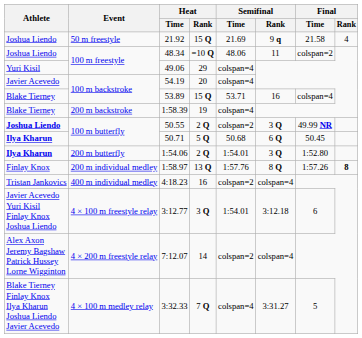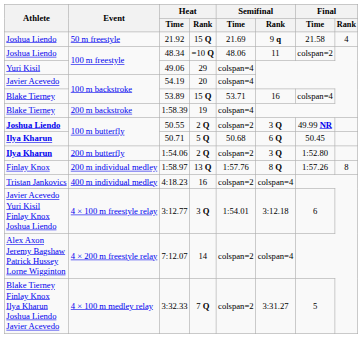 <table class=wikitable style=font-size:90%;text-align:center>
 <tr>
 <th rowspan=2>Athlete</th>
 <th rowspan=2>Event</th>
 <th colspan=2>Heat</th>
 <th colspan=2>Semifinal</th>
 <th colspan=2>Final</th>
 </tr>
 <tr style=font-size:95%>
 <th>Time</th>
 <th>Rank</th>
 <th>Time</th>
 <th>Rank</th>
 <th>Time</th>
 <th>Rank</th>
 </tr>
 <tr>
 <td align=left><a href='#'>Joshua Liendo</a></td>
 <td align=left><a href='#'>50 m freestyle</a></td>
 <td>21.92</td>
 <td>15 <strong>Q</strong></td>
 <td>21.69</td>
 <td>9 <strong>q</strong></td>
 <td>21.58</td>
 <td>4</td>
 </tr>
 <tr>
 <td align=left><a href='#'>Joshua Liendo</a></td>
 <td align=left rowspan=2><a href='#'>100 m freestyle</a></td>
 <td>48.34</td>
 <td>=10 <strong>Q</strong></td>
 <td>48.06</td>
 <td>11</td>
 <td>colspan=2 </td>
 </tr>
 <tr>
 <td align=left><a href='#'>Yuri Kisil</a></td>
 <td>49.06</td>
 <td>29</td>
 <td>colspan=4 </td>
 </tr>
 <tr>
 <td align=left><a href='#'>Javier Acevedo</a></td>
 <td align=left rowspan=2><a href='#'>100 m backstroke</a></td>
 <td>54.19</td>
 <td>20</td>
 <td>colspan=4 </td>
 </tr>
 <tr>
 <td align=left><a href='#'>Blake Tierney</a></td>
 <td>53.89</td>
 <td>15 <strong>Q</strong></td>
 <td>53.71</td>
 <td>16</td>
 <td>colspan=4 </td>
 </tr>
 <tr>
 <td align=left><a href='#'>Blake Tierney</a></td>
 <td align=left><a href='#'>200 m backstroke</a></td>
 <td>1:58.39</td>
 <td>19</td>
 <td>colspan=4 </td>
 </tr>
 <tr>
 <td align=left><strong><a href='#'>Joshua Liendo</a></strong></td>
 <td align=left rowspan=2><a href='#'>100 m butterfly</a></td>
 <td>50.55</td>
 <td>2 <strong>Q</strong></td>
 <td>colspan=2 </td>
 <td>3 <strong>Q</strong></td>
 <td>49.99 <strong><a href='#'>NR</a></strong></td>
 <td></td>
 </tr>
 <tr>
 <td align=left><strong><a href='#'>Ilya Kharun</a></strong></td>
 <td>50.71</td>
 <td>5 <strong>Q</strong></td>
 <td>50.68</td>
 <td>6 <strong>Q</strong></td>
 <td>50.45</td>
 <td></td>
 </tr>
 <tr>
 <td align=left><strong><a href='#'>Ilya Kharun</a></strong></td>
 <td align=left><a href='#'>200 m butterfly</a></td>
 <td>1:54.06</td>
 <td>2 <strong>Q</strong></td>
-<td>1:54.01</td>
+<td>colspan=2 </td>
 <td>3 <strong>Q</strong></td>
 <td>1:52.80</td>
 <td></td>
 </tr>
 <tr>
 <td align=left><a href='#'>Finlay Knox</a></td>
 <td align=left><a href='#'>200 m individual medley</a></td>
 <td>1:58.97</td>
 <td>13 <strong>Q</strong></td>
 <td>1:57.76</td>
 <td>8 <strong>Q</strong></td>
 <td>1:57.26</td>
-<td><strong>8</strong></td>
+<td>8</td>
 </tr>
 <tr>
 <td align=left><a href='#'>Tristan Jankovics</a></td>
 <td align=left><a href='#'>400 m individual medley</a></td>
 <td>4:18.23</td>
 <td>16</td>
 <td>colspan=2 </td>
 <td>colspan=4 </td>
 </tr>
 <tr>
 <td align=left><a href='#'>Javier Acevedo</a><br><a href='#'>Yuri Kisil</a><br><a href='#'>Finlay Knox</a><br><a href='#'>Joshua Liendo</a></td>
 <td align=left><a href='#'>4 × 100 m freestyle relay</a></td>
 <td>3:12.77</td>
 <td>3 <strong>Q</strong></td>
 <td>1:54.01</td>
 <td>3:12.18</td>
 <td>6</td>
 </tr>
 <tr>
 <td align=left><a href='#'>Alex Axon</a><br><a href='#'>Jeremy Bagshaw</a><br><a href='#'>Patrick Hussey</a><br><a href='#'>Lorne Wigginton</a></td>
 <td align=left><a href='#'>4 × 200 m freestyle relay</a></td>
 <td>7:12.07</td>
 <td>14</td>
 <td>colspan=2 </td>
 <td>colspan=4 </td>
 </tr>
 <tr>
 <td align=left><a href='#'>Blake Tierney</a><br><a href='#'>Finlay Knox</a><br><a href='#'>Ilya Kharun</a><br><a href='#'>Joshua Liendo</a><br><a href='#'>Javier Acevedo</a></td>
 <td align=left><a href='#'>4 × 100 m medley relay</a></td>
 <td>3:32.33</td>
 <td>7 <strong>Q</strong></td>
-<td>colspan=4 </td>
+<td>colspan=2 </td>
 <td>3:31.27</td>
 <td>5</td>
 </tr>
 </table>
